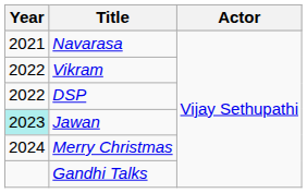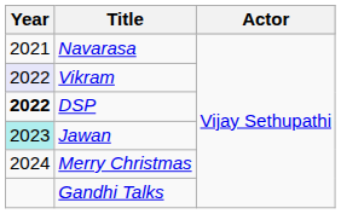 <table class="wikitable sortable">
 <tr style="background:#ccc; text-align:center;">
 <th>Year</th>
 <th>Title</th>
 <th>Actor</th>
 </tr>
 <tr>
 <td>2021</td>
 <td><em><a href='#'>Navarasa</a></em></td>
 <td rowspan="6"><a href='#'>Vijay Sethupathi</a></td>
 </tr>
 <tr>
-<td>2022</td>
+<td style="background: lavender;">2022</td>
 <td><em><a href='#'>Vikram</a></em></td>
 </tr>
 <tr>
-<td>2022</td>
+<td><strong>2022</strong></td>
 <td><em><a href='#'>DSP</a></em></td>
 </tr>
 <tr>
 <td style="background: paleturquoise;">2023</td>
 <td><em><a href='#'>Jawan</a></em></td>
 </tr>
 <tr>
 <td>2024</td>
 <td><em><a href='#'>Merry Christmas</a></em></td>
 </tr>
 <tr>
 <td></td>
 <td><em><a href='#'>Gandhi Talks</a></em></td>
 </tr>
 </table>
